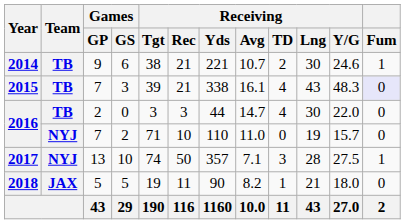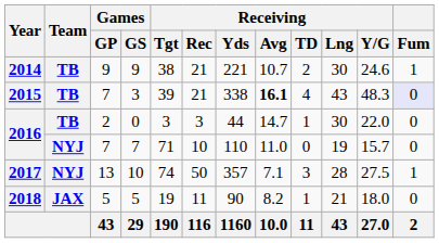 <table class="wikitable sortable" style="text-align:center">
 <tr>
 <th rowspan="2">Year</th>
 <th rowspan="2">Team</th>
 <th colspan="2">Games</th>
 <th colspan="7">Receiving</th>
 <th></th>
 </tr>
 <tr>
 <th>GP</th>
 <th>GS</th>
 <th>Tgt</th>
 <th>Rec</th>
 <th>Yds</th>
 <th>Avg</th>
 <th>TD</th>
 <th>Lng</th>
 <th>Y/G</th>
 <th>Fum</th>
 </tr>
 <tr>
 <th><a href='#'>2014</a></th>
 <th><a href='#'>TB</a></th>
 <td>9</td>
-<td>6</td>
+<td>9</td>
 <td>38</td>
 <td>21</td>
 <td>221</td>
 <td>10.7</td>
 <td>2</td>
 <td>30</td>
 <td>24.6</td>
 <td>1</td>
 </tr>
 <tr>
 <th><a href='#'>2015</a></th>
 <th><a href='#'>TB</a></th>
 <td>7</td>
 <td>3</td>
 <td>39</td>
 <td>21</td>
 <td>338</td>
-<td>16.1</td>
+<td><strong>16.1</strong></td>
 <td>4</td>
 <td>43</td>
 <td>48.3</td>
 <td style="background: lavender;">0</td>
 </tr>
 <tr>
 <th rowspan="2"><a href='#'>2016</a></th>
 <th><a href='#'>TB</a></th>
 <td>2</td>
 <td>0</td>
 <td>3</td>
 <td>3</td>
 <td>44</td>
 <td>14.7</td>
-<td>4</td>
+<td>1</td>
 <td>30</td>
 <td>22.0</td>
 <td>0</td>
 </tr>
 <tr>
 <th><a href='#'>NYJ</a></th>
 <td>7</td>
-<td>2</td>
+<td>7</td>
 <td>71</td>
 <td>10</td>
 <td>110</td>
 <td>11.0</td>
 <td>0</td>
 <td>19</td>
 <td>15.7</td>
 <td>0</td>
 </tr>
 <tr>
 <th><a href='#'>2017</a></th>
 <th><a href='#'>NYJ</a></th>
 <td>13</td>
 <td>10</td>
 <td>74</td>
 <td>50</td>
 <td>357</td>
 <td>7.1</td>
 <td>3</td>
 <td>28</td>
 <td>27.5</td>
 <td>1</td>
 </tr>
 <tr>
 <th><a href='#'>2018</a></th>
 <th><a href='#'>JAX</a></th>
 <td>5</td>
 <td>5</td>
 <td>19</td>
 <td>11</td>
 <td>90</td>
 <td>8.2</td>
 <td>1</td>
 <td>21</td>
 <td>18.0</td>
 <td>0</td>
 </tr>
 <tr>
 <th colspan="2"></th>
 <th>43</th>
 <th>29</th>
 <th>190</th>
 <th>116</th>
 <th>1160</th>
 <th>10.0</th>
 <th>11</th>
 <th>43</th>
 <th>27.0</th>
 <th>2</th>
 </tr>
 </table>
